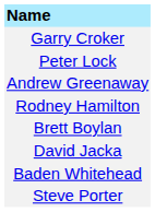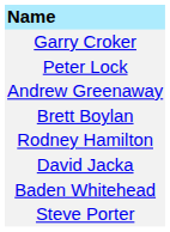 <table border=0 cellpadding=2 cellspacing=0  |- bgcolor=#F2F2F2 style="text-align:center; font-size:90%;">
 <tr bgcolor=#ADEBFD>
 <th align=left>Name</th>
 </tr>
 <tr>
 <td><a href='#'>Garry Croker</a></td>
 </tr>
 <tr>
 <td><a href='#'>Peter Lock</a></td>
 </tr>
 <tr>
 <td><a href='#'>Andrew Greenaway</a></td>
 </tr>
 <tr>
-<td><a href='#'>Rodney Hamilton</a></td>
+<td><a href='#'>Brett Boylan</a></td>
 </tr>
 <tr>
-<td><a href='#'>Brett Boylan</a></td>
+<td><a href='#'>Rodney Hamilton</a></td>
 </tr>
 <tr>
 <td><a href='#'>David Jacka</a></td>
 </tr>
 <tr>
 <td><a href='#'>Baden Whitehead</a></td>
 </tr>
 <tr>
 <td><a href='#'>Steve Porter</a></td>
 </tr>
 </table>
